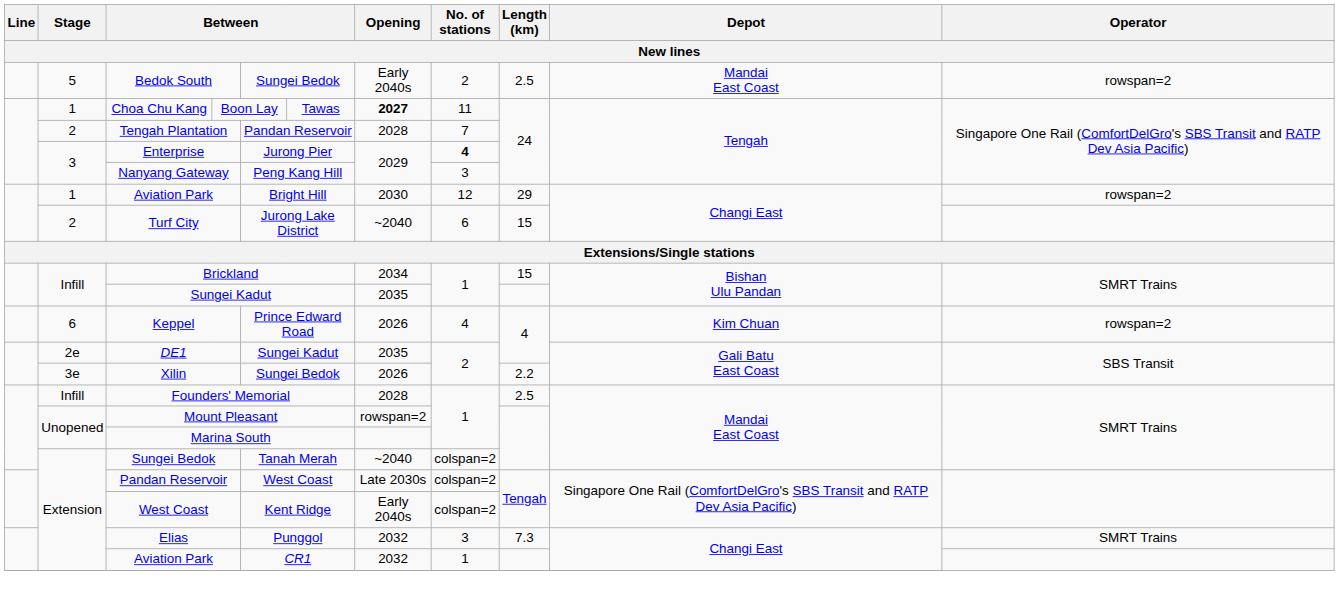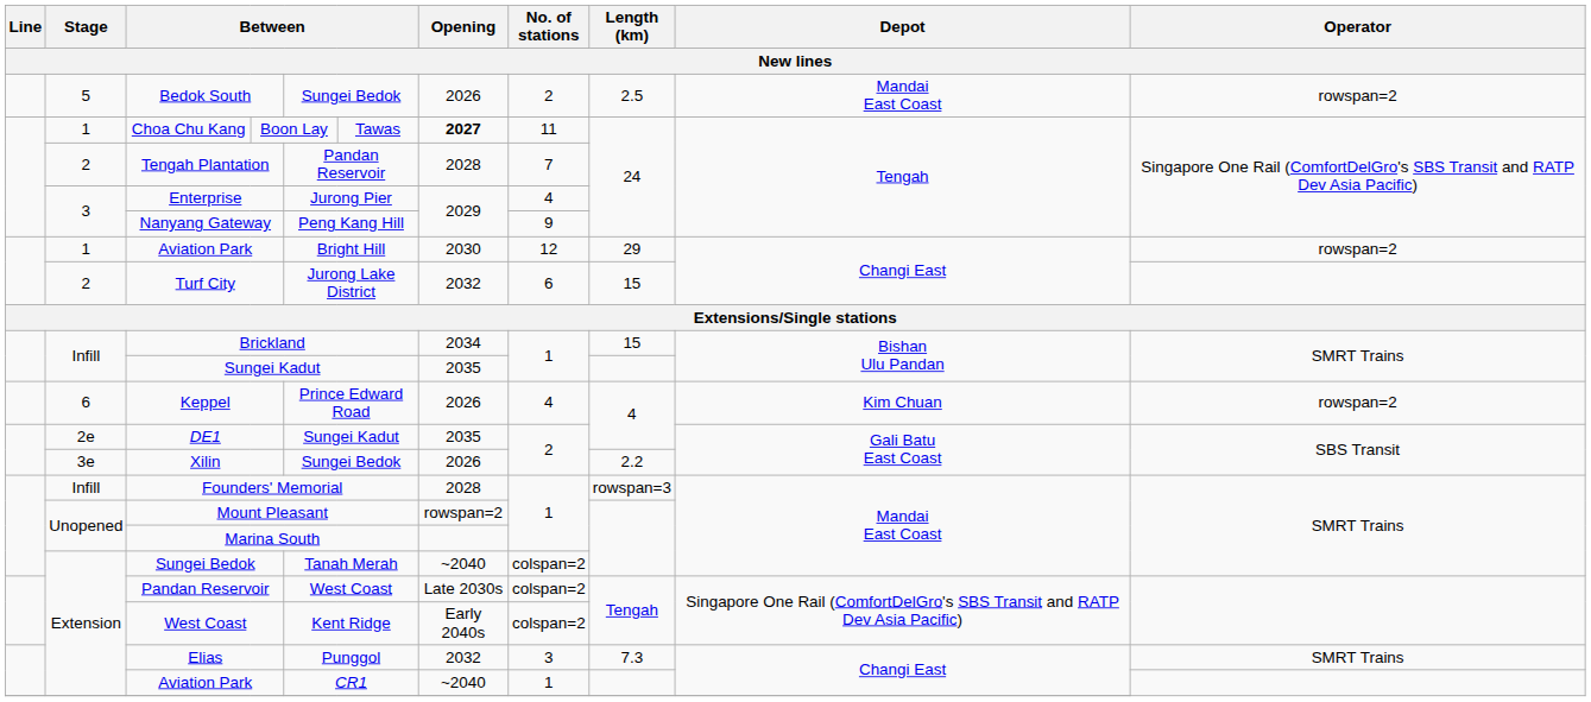 <table class="wikitable sortable" style=margin:auto;font-align:center;text-align:center>
 <tr>
 <th>Line</th>
 <th>Stage</th>
 <th colspan=4>Between</th>
 <th>Opening</th>
 <th>No. of<br>stations</th>
 <th>Length<br>(km)</th>
 <th>Depot</th>
 <th>Operator</th>
 </tr>
 <tr>
 <th colspan=11>New lines</th>
 </tr>
 <tr>
 <td style=background-color:#><strong><a href='#'></a></strong></td>
 <td>5</td>
 <td colspan=2><a href='#'>Bedok South</a></td>
 <td colspan=2><a href='#'>Sungei Bedok</a></td>
-<td>Early 2040s</td>
+<td>2026</td>
 <td>2</td>
 <td>2.5</td>
 <td><a href='#'>Mandai</a><br><a href='#'>East Coast</a></td>
 <td>rowspan=2 </td>
 </tr>
 <tr>
 <td rowspan=4 style=background-color:#><strong><a href='#'></a></strong></td>
 <td>1</td>
 <td><a href='#'>Choa Chu Kang</a></td>
 <td colspan=2><a href='#'>Boon Lay</a></td>
 <td><a href='#'>Tawas</a></td>
 <td><strong>2027</strong></td>
 <td>11</td>
 <td rowspan=4>24</td>
 <td rowspan=4><a href='#'>Tengah</a></td>
 <td rowspan=4>Singapore One Rail (<a href='#'>ComfortDelGro</a>'s <a href='#'>SBS Transit</a> and <a href='#'>RATP Dev Asia Pacific</a>)</td>
 </tr>
 <tr>
 <td>2</td>
 <td colspan=2><a href='#'>Tengah Plantation</a></td>
 <td colspan=2><a href='#'>Pandan Reservoir</a></td>
 <td>2028</td>
 <td>7</td>
 </tr>
 <tr>
 <td rowspan=2>3</td>
 <td colspan=2><a href='#'>Enterprise</a></td>
 <td colspan=2><a href='#'>Jurong Pier</a></td>
 <td rowspan=2>2029</td>
-<td><strong>4</strong></td>
+<td>4</td>
 </tr>
 <tr>
 <td colspan=2><a href='#'>Nanyang Gateway</a></td>
 <td colspan=2><a href='#'>Peng Kang Hill</a></td>
-<td>3</td>
+<td>9</td>
 </tr>
 <tr>
 <td rowspan=2 style=background-color:#><strong><a href='#'></a></strong></td>
 <td>1</td>
 <td colspan=2><a href='#'>Aviation Park</a></td>
 <td colspan=2><a href='#'>Bright Hill</a></td>
 <td>2030</td>
 <td>12</td>
 <td>29</td>
 <td rowspan=2><a href='#'>Changi East</a></td>
 <td>rowspan=2 </td>
 </tr>
 <tr>
 <td>2</td>
 <td colspan=2><a href='#'>Turf City</a></td>
 <td colspan=2><a href='#'>Jurong Lake District</a></td>
-<td>~2040</td>
+<td>2032</td>
 <td>6</td>
 <td>15</td>
 </tr>
 <tr>
 <th colspan=13>Extensions/Single stations</th>
 </tr>
 <tr>
 <td rowspan=2 style=background-color:#><strong><a href='#'></a></strong></td>
 <td rowspan=2>Infill</td>
 <td colspan=4><a href='#'>Brickland</a></td>
 <td>2034</td>
 <td rowspan=2>1</td>
 <td>15</td>
 <td rowspan=2><a href='#'>Bishan</a><br><a href='#'>Ulu Pandan</a></td>
 <td rowspan=2>SMRT Trains</td>
 </tr>
 <tr>
 <td colspan=4><a href='#'>Sungei Kadut</a></td>
 <td>2035</td>
 </tr>
 <tr>
 <td style=background-color:#><strong><a href='#'></a></strong></td>
 <td>6</td>
 <td colspan=2><a href='#'>Keppel</a></td>
 <td colspan=2><a href='#'>Prince Edward Road</a></td>
 <td>2026</td>
 <td>4</td>
 <td rowspan=2>4</td>
 <td><a href='#'>Kim Chuan</a></td>
 <td>rowspan=2 </td>
 </tr>
 <tr>
 <td rowspan=2 style=background-color:#><strong><a href='#'></a></strong></td>
 <td>2e</td>
 <td colspan=2><a href='#'><em>DE1</em></a></td>
 <td colspan=2><a href='#'>Sungei Kadut</a></td>
 <td>2035</td>
 <td rowspan=2>2</td>
 <td rowspan=2><a href='#'>Gali Batu</a><br><a href='#'>East Coast</a></td>
 <td rowspan=2>SBS Transit</td>
 </tr>
 <tr>
 <td>3e</td>
 <td colspan=2><a href='#'>Xilin</a></td>
 <td colspan=2><a href='#'>Sungei Bedok</a></td>
 <td>2026</td>
 <td>2.2</td>
 </tr>
 <tr>
 <td rowspan=4 style=background-color:#><strong><a href='#'></a></strong></td>
 <td>Infill</td>
 <td colspan=4><a href='#'>Founders' Memorial</a></td>
 <td>2028</td>
 <td rowspan=3>1</td>
-<td>2.5</td>
+<td>rowspan=3 </td>
 <td rowspan=4><a href='#'>Mandai</a><br><a href='#'>East Coast</a></td>
 <td rowspan=4>SMRT Trains</td>
 </tr>
 <tr>
 <td rowspan=2>Unopened</td>
 <td colspan=4><a href='#'>Mount Pleasant</a></td>
 <td>rowspan=2 </td>
 </tr>
 <tr>
 <td colspan=4><a href='#'>Marina South</a></td>
 </tr>
 <tr>
 <td rowspan=5>Extension</td>
 <td colspan=2><a href='#'>Sungei Bedok</a></td>
 <td colspan=2><a href='#'>Tanah Merah</a></td>
 <td>~2040</td>
 <td>colspan=2 </td>
 </tr>
 <tr>
 <td rowspan=2 style=background-color:#><strong><a href='#'></a></strong></td>
 <td colspan=2><a href='#'>Pandan Reservoir</a></td>
 <td colspan=2><a href='#'>West Coast</a></td>
 <td>Late 2030s</td>
 <td>colspan=2 </td>
 <td rowspan=2><a href='#'>Tengah</a></td>
 <td rowspan=2>Singapore One Rail (<a href='#'>ComfortDelGro</a>'s <a href='#'>SBS Transit</a> and <a href='#'>RATP Dev Asia Pacific</a>)</td>
 </tr>
 <tr>
 <td colspan=2><a href='#'>West Coast</a></td>
 <td colspan=2><a href='#'>Kent Ridge</a></td>
 <td>Early 2040s</td>
 <td>colspan=2 </td>
 </tr>
 <tr>
 <td rowspan=2 style=background-color:#><strong><a href='#'></a></strong></td>
 <td colspan=2><a href='#'>Elias</a></td>
 <td colspan=2><a href='#'>Punggol</a></td>
 <td>2032</td>
 <td>3</td>
 <td>7.3</td>
 <td rowspan=2><a href='#'>Changi East</a></td>
 <td>SMRT Trains</td>
 </tr>
 <tr>
 <td colspan=2><a href='#'>Aviation Park</a></td>
 <td colspan=2><em><a href='#'>CR1</a></em></td>
-<td>2032</td>
+<td>~2040</td>
 <td>1</td>
 <td></td>
 </tr>
 <tr>
 </tr>
 </table>
